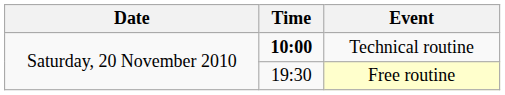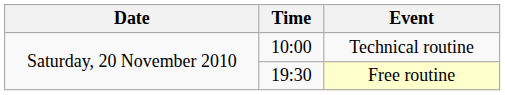 <table class = "wikitable" style="text-align:center;">
 <tr>
 <th width=220>Date</th>
 <th width=50>Time</th>
 <th width=150>Event</th>
 </tr>
 <tr>
 <td rowspan=2>Saturday, 20 November 2010</td>
-<td><strong>10:00</strong></td>
+<td>10:00</td>
 <td>Technical routine</td>
 </tr>
 <tr>
 <td>19:30</td>
 <td bgcolor=ffffcc>Free routine</td>
 </tr>
 </table>
